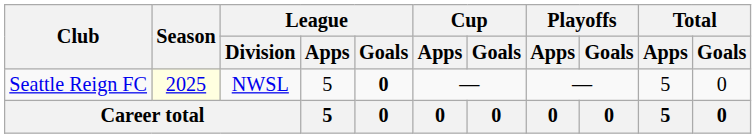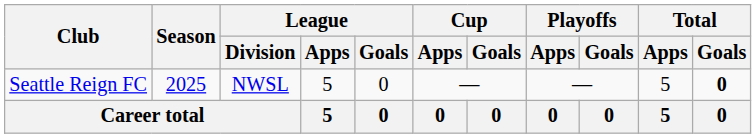 <table class="wikitable" style="text-align: center;">
 <tr>
 <th rowspan="2">Club</th>
 <th rowspan="2">Season</th>
 <th colspan="3">League</th>
 <th colspan="2">Cup</th>
 <th colspan="2">Playoffs</th>
 <th colspan="2">Total</th>
 </tr>
 <tr>
 <th>Division</th>
 <th>Apps</th>
 <th>Goals</th>
 <th>Apps</th>
 <th>Goals</th>
 <th>Apps</th>
 <th>Goals</th>
 <th>Apps</th>
 <th>Goals</th>
 </tr>
 <tr>
 <td><a href='#'>Seattle Reign FC</a></td>
-<td style="background: lightyellow;"><a href='#'>2025</a></td>
+<td><a href='#'>2025</a></td>
 <td><a href='#'>NWSL</a></td>
 <td>5</td>
-<td><strong>0</strong></td>
+<td>0</td>
 <td colspan="2">—</td>
 <td colspan="2">—</td>
 <td>5</td>
-<td>0</td>
+<td><strong>0</strong></td>
 </tr>
 <tr>
 <th colspan="3">Career total</th>
 <th>5</th>
 <th>0</th>
 <th>0</th>
 <th>0</th>
 <th>0</th>
 <th>0</th>
 <th>5</th>
 <th>0</th>
 </tr>
 </table>
